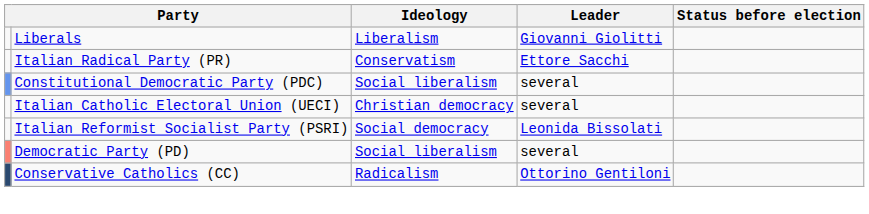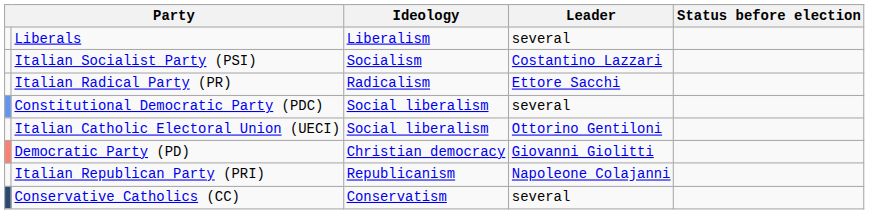 <table class=wikitable>
 <tr>
 <th colspan=2>Party</th>
 <th>Ideology</th>
 <th>Leader</th>
 <th>Status before election</th>
 </tr>
 <tr>
 <td></td>
 <td><a href='#'>Liberals</a></td>
 <td><a href='#'>Liberalism</a></td>
-<td><a href='#'>Giovanni Giolitti</a></td>
+<td>several</td>
+<td></td>
+</tr>
+<tr>
+<td></td>
+<td><a href='#'>Italian Socialist Party</a> (PSI)</td>
+<td><a href='#'>Socialism</a></td>
+<td><a href='#'>Costantino Lazzari</a></td>
 <td></td>
 </tr>
 <tr>
 <td></td>
 <td><a href='#'>Italian Radical Party</a> (PR)</td>
-<td><a href='#'>Conservatism</a></td>
+<td><a href='#'>Radicalism</a></td>
 <td><a href='#'>Ettore Sacchi</a></td>
 <td></td>
 </tr>
 <tr>
 <td bgcolor="#6495ed"></td>
 <td><a href='#'>Constitutional Democratic Party</a> (PDC)</td>
 <td><a href='#'>Social liberalism</a></td>
 <td>several</td>
 <td></td>
 </tr>
 <tr>
 <td></td>
 <td><a href='#'>Italian Catholic Electoral Union</a> (UECI)</td>
-<td><a href='#'>Christian democracy</a></td>
-<td>several</td>
-<td></td>
-</tr>
-<tr>
-<td></td>
-<td><a href='#'>Italian Reformist Socialist Party</a> (PSRI)</td>
-<td><a href='#'>Social democracy</a></td>
-<td><a href='#'>Leonida Bissolati</a></td>
+<td><a href='#'>Social liberalism</a></td>
+<td><a href='#'>Ottorino Gentiloni</a></td>
 <td></td>
 </tr>
 <tr>
 <td bgcolor="salmon"></td>
 <td><a href='#'>Democratic Party</a> (PD)</td>
-<td><a href='#'>Social liberalism</a></td>
-<td>several</td>
+<td><a href='#'>Christian democracy</a></td>
+<td><a href='#'>Giovanni Giolitti</a></td>
+<td></td>
+</tr>
+<tr>
+<td></td>
+<td><a href='#'>Italian Republican Party</a> (PRI)</td>
+<td><a href='#'>Republicanism</a></td>
+<td><a href='#'>Napoleone Colajanni</a></td>
 <td></td>
 </tr>
 <tr>
 <td bgcolor="#2B496F"></td>
 <td><a href='#'>Conservative Catholics</a> (CC)</td>
-<td><a href='#'>Radicalism</a></td>
-<td><a href='#'>Ottorino Gentiloni</a></td>
+<td><a href='#'>Conservatism</a></td>
+<td>several</td>
 <td></td>
 </tr>
 </table>
